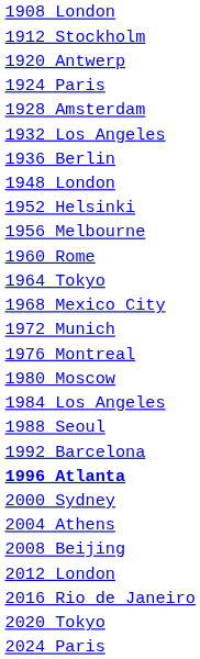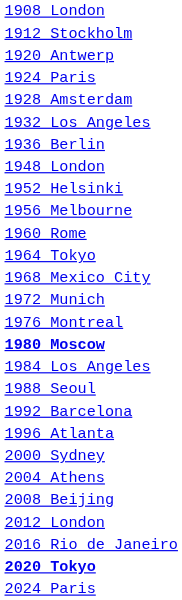 <table>
 <tr valign="top">
 <td rowspan=2><a href='#'>1908 London</a><br></td>
 <td rowspan=2></td>
 <td rowspan=2></td>
 <td></td>
 </tr>
 <tr>
 <td></td>
 </tr>
 <tr>
 <td><a href='#'>1912 Stockholm</a><br></td>
 <td></td>
 <td></td>
 <td></td>
 </tr>
 <tr>
 <td><a href='#'>1920 Antwerp</a><br></td>
 <td></td>
 <td></td>
 <td></td>
 </tr>
 <tr>
 <td><a href='#'>1924 Paris</a><br></td>
 <td></td>
 <td></td>
 <td></td>
 </tr>
 <tr>
 <td><a href='#'>1928 Amsterdam</a><br></td>
 <td></td>
 <td></td>
 <td></td>
 </tr>
 <tr>
 <td><a href='#'>1932 Los Angeles</a><br></td>
 <td></td>
 <td></td>
 <td></td>
 </tr>
 <tr>
 <td><a href='#'>1936 Berlin</a><br></td>
 <td></td>
 <td></td>
 <td></td>
 </tr>
 <tr>
 <td><a href='#'>1948 London</a><br></td>
 <td></td>
 <td></td>
 <td></td>
 </tr>
 <tr>
 <td><a href='#'>1952 Helsinki</a><br></td>
 <td></td>
 <td></td>
 <td></td>
 </tr>
 <tr>
 <td><a href='#'>1956 Melbourne</a><br></td>
 <td></td>
 <td></td>
 <td></td>
 </tr>
 <tr>
 <td><a href='#'>1960 Rome</a><br></td>
 <td></td>
 <td></td>
 <td></td>
 </tr>
 <tr>
 <td><a href='#'>1964 Tokyo</a><br></td>
 <td></td>
 <td></td>
 <td></td>
 </tr>
 <tr>
 <td><a href='#'>1968 Mexico City</a><br></td>
 <td></td>
 <td></td>
 <td></td>
 </tr>
 <tr>
 <td><a href='#'>1972 Munich</a><br></td>
 <td></td>
 <td></td>
 <td></td>
 </tr>
 <tr>
 <td><a href='#'>1976 Montreal</a><br></td>
 <td></td>
 <td></td>
 <td></td>
 </tr>
 <tr>
-<td><a href='#'>1980 Moscow</a><br></td>
+<td><strong><a href='#'>1980 Moscow</a><br></strong></td>
 <td></td>
 <td></td>
 <td></td>
 </tr>
 <tr>
 <td><a href='#'>1984 Los Angeles</a><br></td>
 <td></td>
 <td></td>
 <td></td>
 </tr>
 <tr>
 <td><a href='#'>1988 Seoul</a><br></td>
 <td></td>
 <td></td>
 <td></td>
 </tr>
 <tr>
 <td><a href='#'>1992 Barcelona</a><br></td>
 <td></td>
 <td></td>
 <td></td>
 </tr>
 <tr>
-<td><strong><a href='#'>1996 Atlanta</a><br></strong></td>
+<td><a href='#'>1996 Atlanta</a><br></td>
 <td></td>
 <td></td>
 <td></td>
 </tr>
 <tr>
 <td><a href='#'>2000 Sydney</a><br></td>
 <td></td>
 <td></td>
 <td></td>
 </tr>
 <tr>
 <td><a href='#'>2004 Athens</a><br></td>
 <td></td>
 <td></td>
 <td></td>
 </tr>
 <tr>
 <td><a href='#'>2008 Beijing</a><br></td>
 <td></td>
 <td></td>
 <td></td>
 </tr>
 <tr>
 <td><a href='#'>2012 London</a><br></td>
 <td></td>
 <td></td>
 <td></td>
 </tr>
 <tr>
 <td><a href='#'>2016 Rio de Janeiro</a><br></td>
 <td></td>
 <td></td>
 <td></td>
 </tr>
 <tr>
-<td><a href='#'>2020 Tokyo</a><br></td>
+<td><strong><a href='#'>2020 Tokyo</a><br></strong></td>
 <td></td>
 <td></td>
 <td></td>
 </tr>
 <tr>
 <td><a href='#'>2024 Paris</a><br></td>
 <td></td>
 <td></td>
 <td></td>
 </tr>
 <tr>
 </tr>
 </table>
